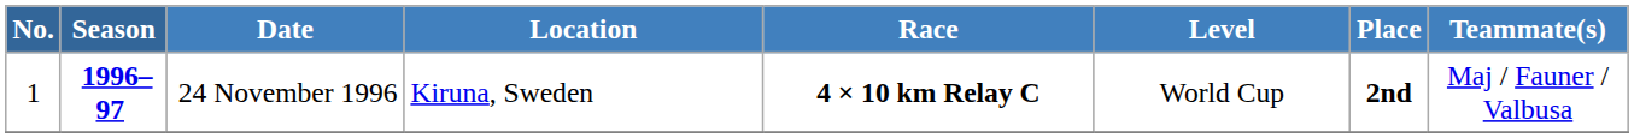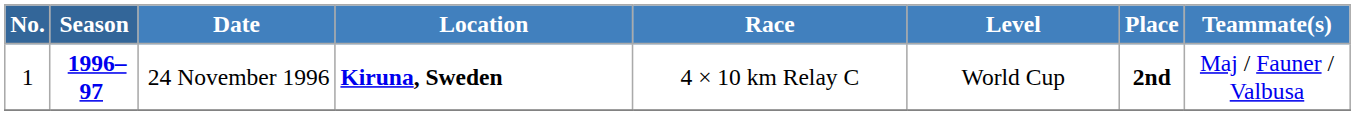 <table class="wikitable sortable" style="font-size:95%; text-align:center; border:grey solid 1px; border-collapse:collapse; background:#ffffff;">
 <tr style="background:#efefef;">
 <th style="background-color:#369; color:white;">No.</th>
 <th style="background-color:#369; color:white;">Season</th>
 <th style="background-color:#4180be; color:white; width:120px;">Date</th>
 <th style="background-color:#4180be; color:white; width:185px;">Location</th>
 <th style="background-color:#4180be; color:white; width:170px;">Race</th>
 <th style="background-color:#4180be; color:white; width:130px;">Level</th>
 <th style="background-color:#4180be; color:white;">Place</th>
 <th style="background-color:#4180be; color:white;">Teammate(s)</th>
 </tr>
 <tr>
 <td align=center>1</td>
 <td rowspan=1 align=center><strong> <a href='#'>1996–97</a> </strong></td>
 <td align=right>24 November 1996</td>
-<td align=left> <a href='#'>Kiruna</a>, Sweden</td>
-<td><strong>4 × 10 km Relay C</strong></td>
+<td align=left><strong> <a href='#'>Kiruna</a>, Sweden</strong></td>
+<td>4 × 10 km Relay C</td>
 <td>World Cup</td>
 <td><strong>2nd</strong></td>
 <td><a href='#'>Maj</a> / <a href='#'>Fauner</a> / <a href='#'>Valbusa</a></td>
 </tr>
 <tr>
 </tr>
 </table>
